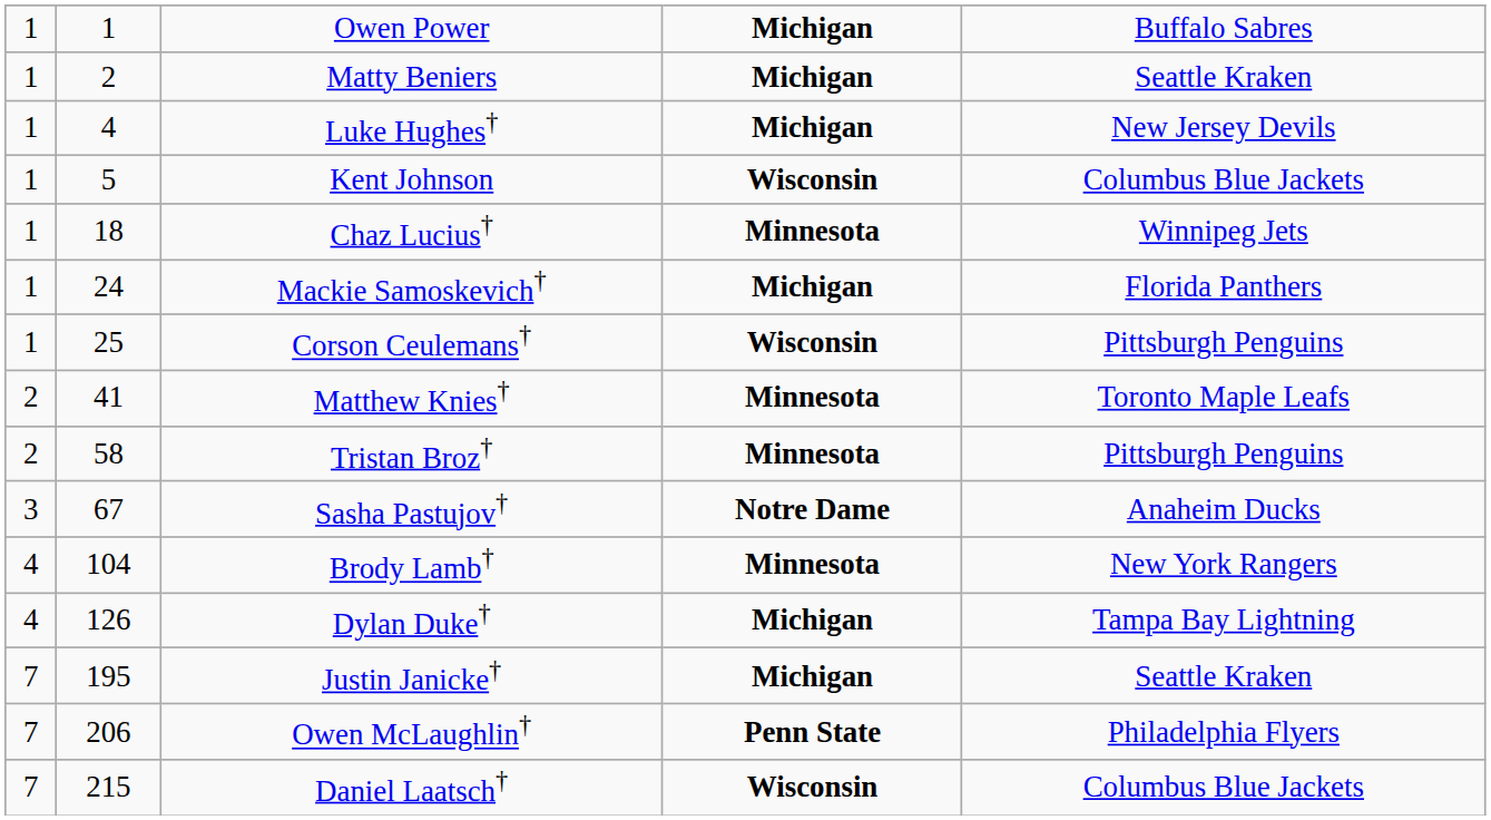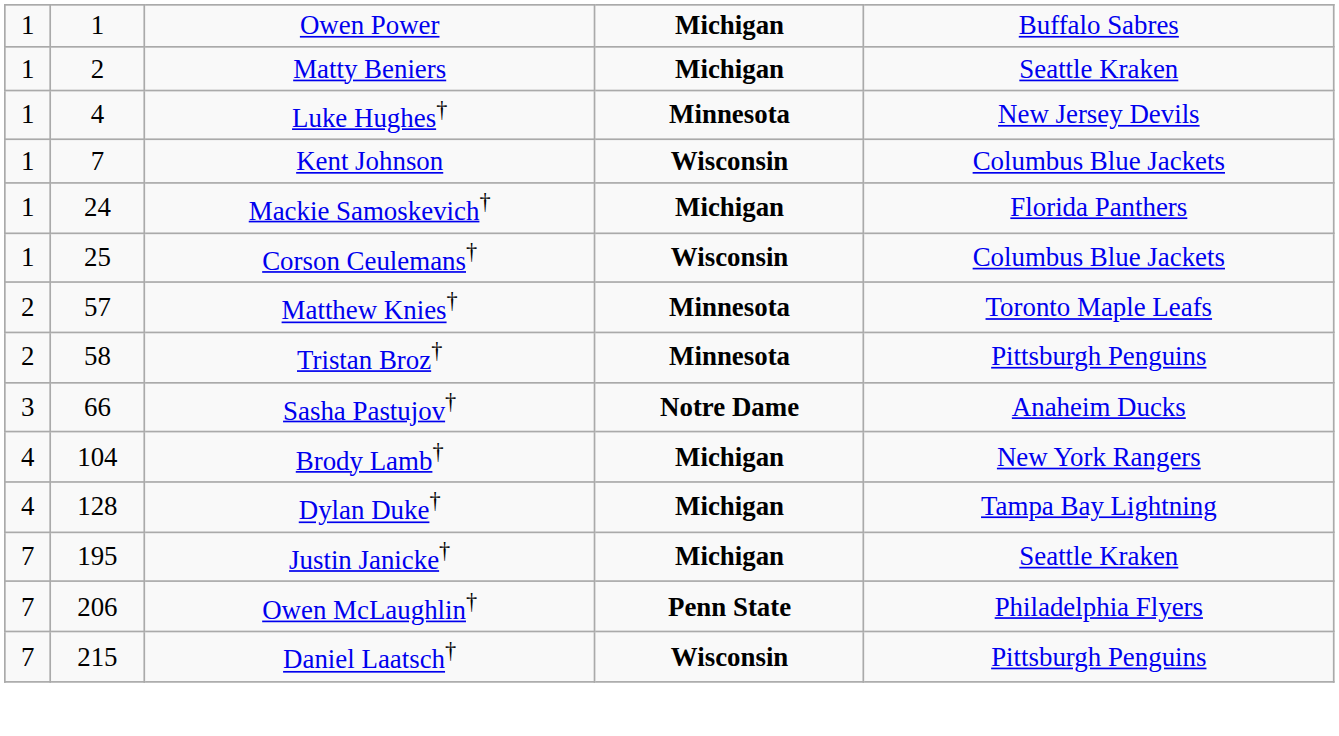 <table class="wikitable" width="50%">
 <tr align="center" bgcolor="">
 <td>1</td>
 <td>1</td>
 <td><a href='#'>Owen Power</a></td>
 <td><strong>Michigan</strong></td>
 <td><a href='#'>Buffalo Sabres</a></td>
 </tr>
 <tr align="center" bgcolor="">
 <td>1</td>
 <td>2</td>
 <td><a href='#'>Matty Beniers</a></td>
 <td><strong>Michigan</strong></td>
 <td><a href='#'>Seattle Kraken</a></td>
 </tr>
 <tr align="center" bgcolor="">
 <td>1</td>
 <td>4</td>
 <td><a href='#'>Luke Hughes</a><sup>†</sup></td>
-<td><strong>Michigan</strong></td>
+<td><strong>Minnesota</strong></td>
 <td><a href='#'>New Jersey Devils</a></td>
 </tr>
 <tr align="center" bgcolor="">
 <td>1</td>
-<td>5</td>
+<td>7</td>
 <td><a href='#'>Kent Johnson</a></td>
 <td><strong>Wisconsin</strong></td>
 <td><a href='#'>Columbus Blue Jackets</a></td>
-</tr>
-<tr align="center" bgcolor="">
-<td>1</td>
-<td>18</td>
-<td><a href='#'>Chaz Lucius</a><sup>†</sup></td>
-<td><strong>Minnesota</strong></td>
-<td><a href='#'>Winnipeg Jets</a></td>
 </tr>
 <tr align="center" bgcolor="">
 <td>1</td>
 <td>24</td>
 <td><a href='#'>Mackie Samoskevich</a><sup>†</sup></td>
 <td><strong>Michigan</strong></td>
 <td><a href='#'>Florida Panthers</a></td>
 </tr>
 <tr align="center" bgcolor="">
 <td>1</td>
 <td>25</td>
 <td><a href='#'>Corson Ceulemans</a><sup>†</sup></td>
 <td><strong>Wisconsin</strong></td>
-<td><a href='#'>Pittsburgh Penguins</a></td>
+<td><a href='#'>Columbus Blue Jackets</a></td>
 </tr>
 <tr align="center" bgcolor="">
 <td>2</td>
-<td>41</td>
+<td>57</td>
 <td><a href='#'>Matthew Knies</a><sup>†</sup></td>
 <td><strong>Minnesota</strong></td>
 <td><a href='#'>Toronto Maple Leafs</a></td>
 </tr>
 <tr align="center" bgcolor="">
 <td>2</td>
 <td>58</td>
 <td><a href='#'>Tristan Broz</a><sup>†</sup></td>
 <td><strong>Minnesota</strong></td>
 <td><a href='#'>Pittsburgh Penguins</a></td>
 </tr>
 <tr align="center" bgcolor="">
 <td>3</td>
-<td>67</td>
+<td>66</td>
 <td><a href='#'>Sasha Pastujov</a><sup>†</sup></td>
 <td><strong>Notre Dame</strong></td>
 <td><a href='#'>Anaheim Ducks</a></td>
 </tr>
 <tr align="center" bgcolor="">
 <td>4</td>
 <td>104</td>
 <td><a href='#'>Brody Lamb</a><sup>†</sup></td>
-<td><strong>Minnesota</strong></td>
+<td><strong>Michigan</strong></td>
 <td><a href='#'>New York Rangers</a></td>
 </tr>
 <tr align="center" bgcolor="">
 <td>4</td>
-<td>126</td>
+<td>128</td>
 <td><a href='#'>Dylan Duke</a><sup>†</sup></td>
 <td><strong>Michigan</strong></td>
 <td><a href='#'>Tampa Bay Lightning</a></td>
 </tr>
 <tr align="center" bgcolor="">
 <td>7</td>
 <td>195</td>
 <td><a href='#'>Justin Janicke</a><sup>†</sup></td>
 <td><strong>Michigan</strong></td>
 <td><a href='#'>Seattle Kraken</a></td>
 </tr>
 <tr align="center" bgcolor="">
 <td>7</td>
 <td>206</td>
 <td><a href='#'>Owen McLaughlin</a><sup>†</sup></td>
 <td><strong>Penn State</strong></td>
 <td><a href='#'>Philadelphia Flyers</a></td>
 </tr>
 <tr align="center" bgcolor="">
 <td>7</td>
 <td>215</td>
 <td><a href='#'>Daniel Laatsch</a><sup>†</sup></td>
 <td><strong>Wisconsin</strong></td>
-<td><a href='#'>Columbus Blue Jackets</a></td>
+<td><a href='#'>Pittsburgh Penguins</a></td>
 </tr>
 </table>
